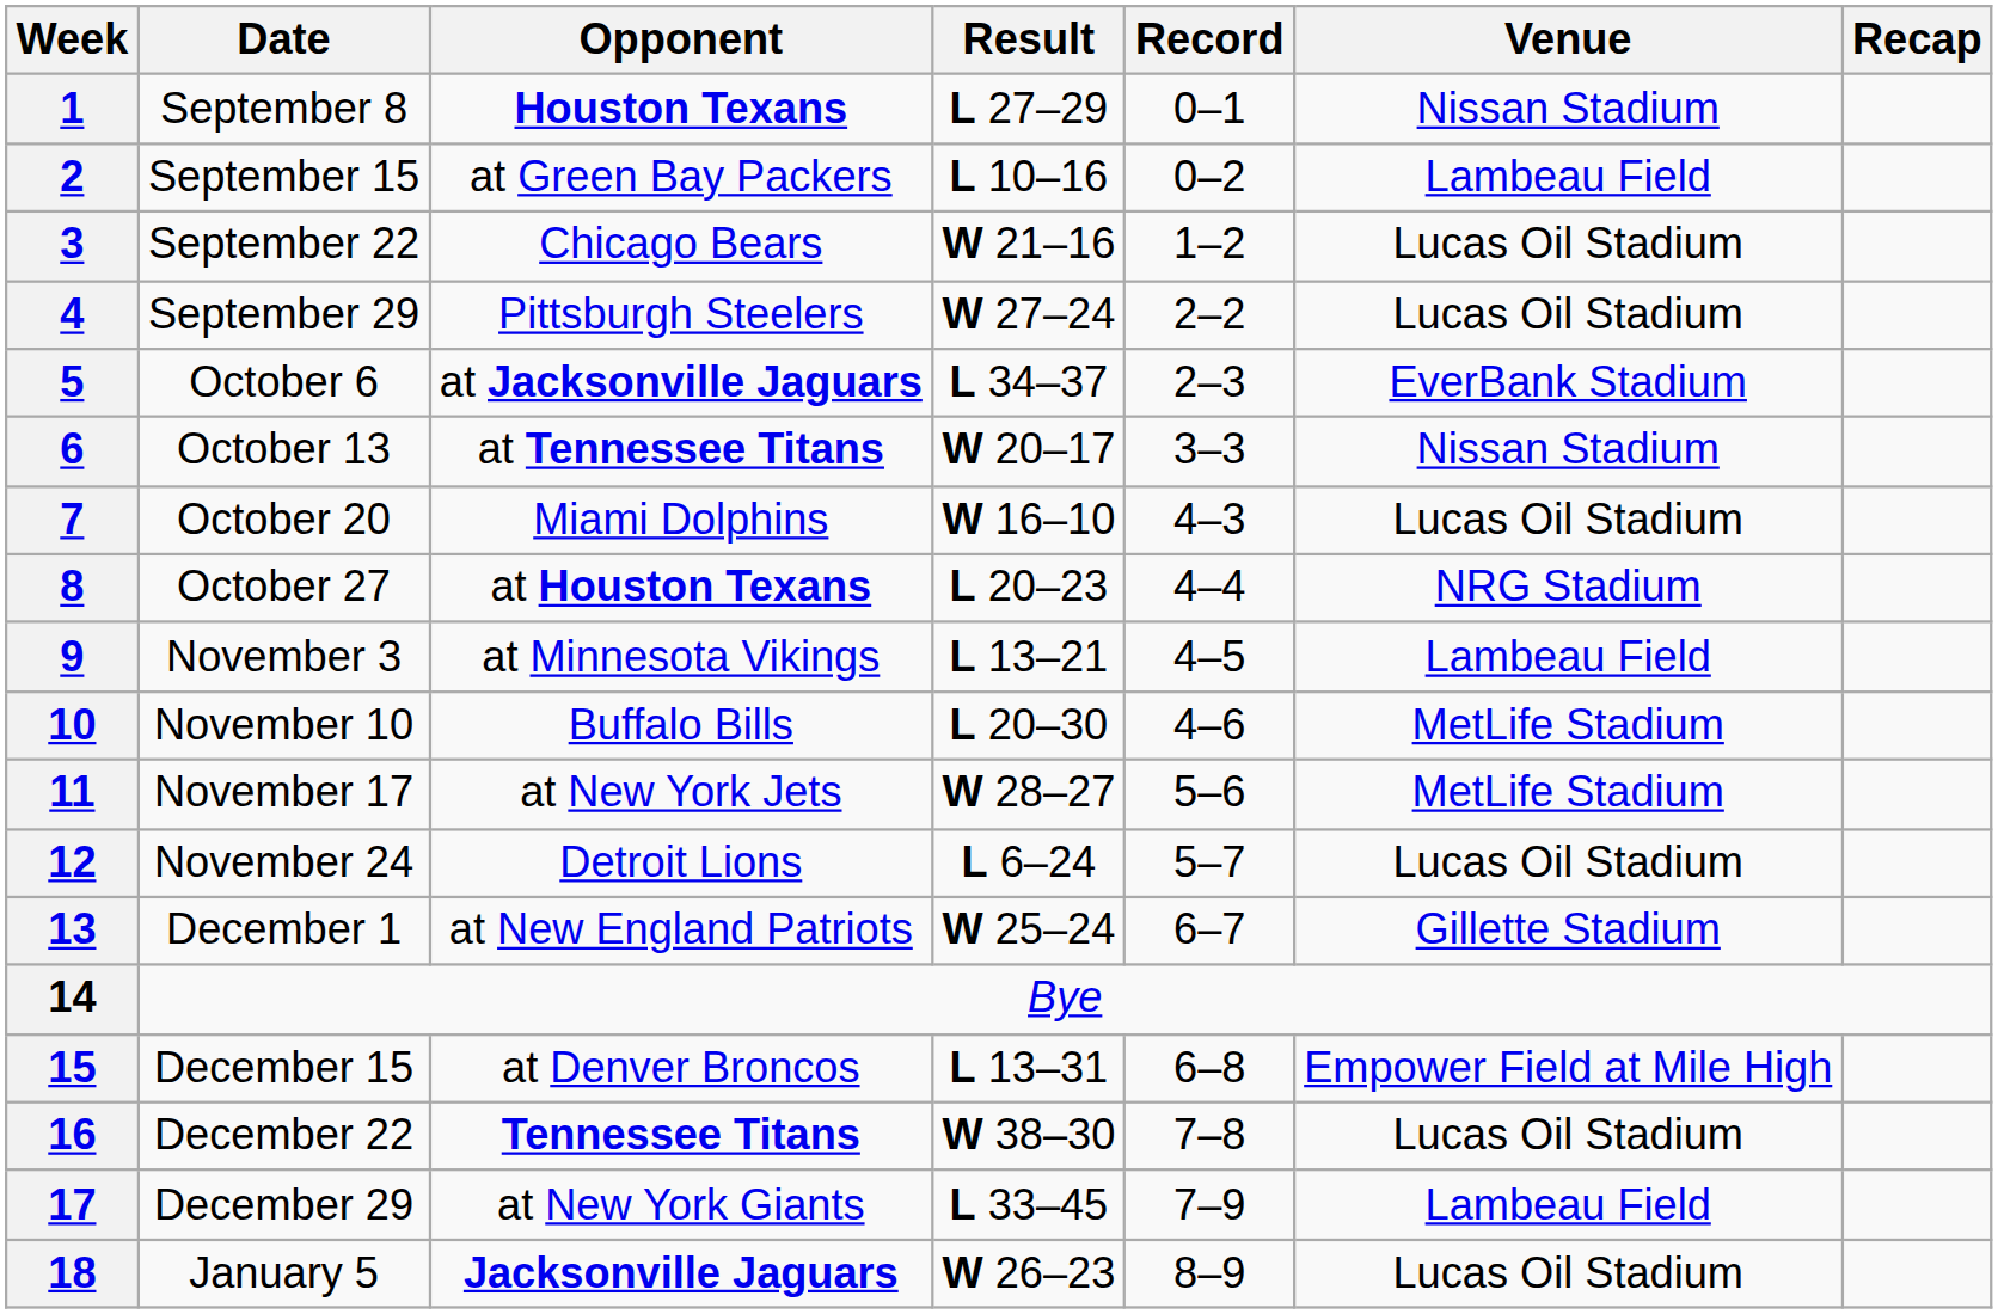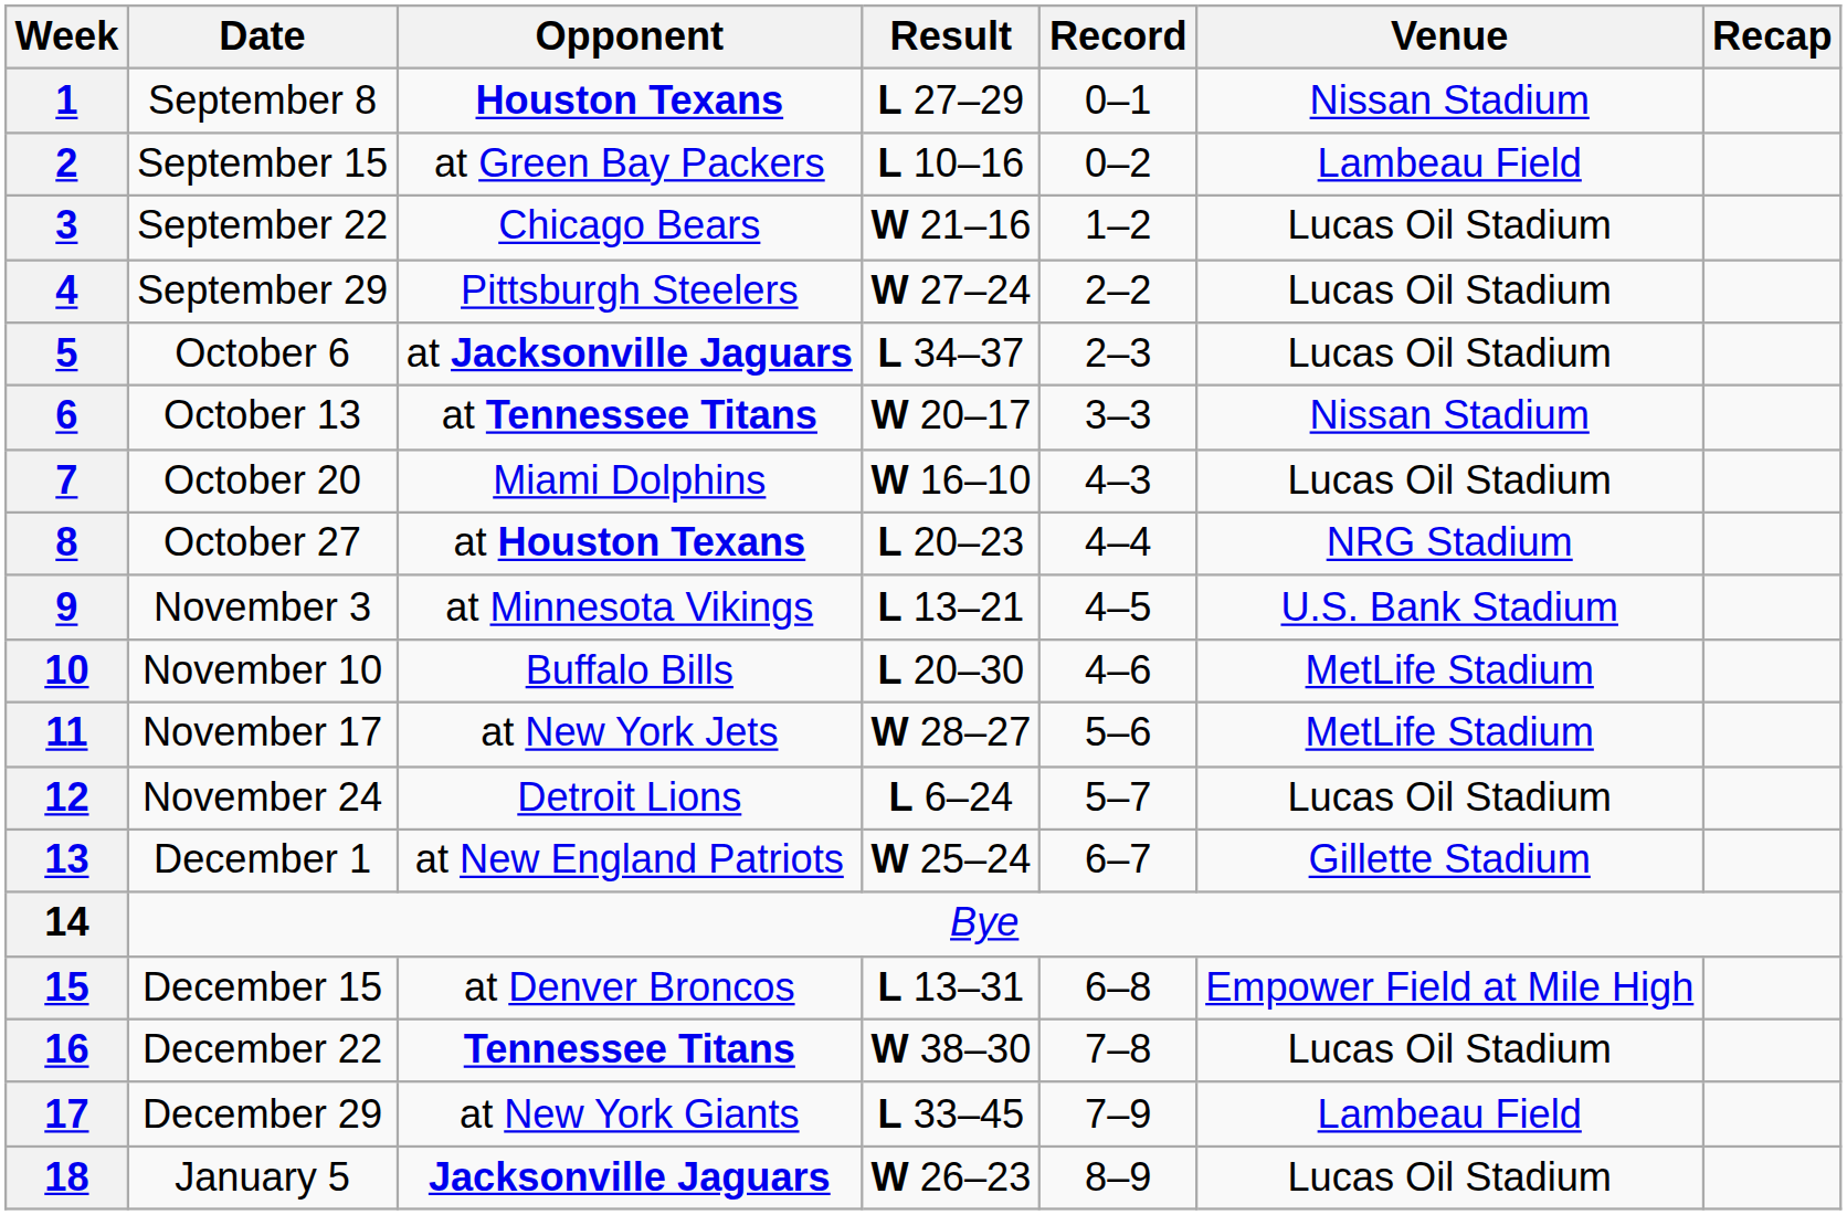 <table class="wikitable" style="text-align:center">
 <tr>
 <th>Week</th>
 <th>Date</th>
 <th>Opponent</th>
 <th>Result</th>
 <th>Record</th>
 <th>Venue</th>
 <th>Recap</th>
 </tr>
 <tr>
 <th><a href='#'>1</a></th>
 <td>September 8</td>
 <td><strong><a href='#'>Houston Texans</a></strong></td>
 <td><strong>L</strong> 27–29</td>
 <td>0–1</td>
 <td><a href='#'>Nissan Stadium</a></td>
 <td></td>
 </tr>
 <tr>
 <th><a href='#'>2</a></th>
 <td>September 15</td>
 <td>at <a href='#'>Green Bay Packers</a></td>
 <td><strong>L</strong> 10–16</td>
 <td>0–2</td>
 <td><a href='#'>Lambeau Field</a></td>
 <td></td>
 </tr>
 <tr>
 <th><a href='#'>3</a></th>
 <td>September 22</td>
 <td><a href='#'>Chicago Bears</a></td>
 <td><strong>W</strong> 21–16</td>
 <td>1–2</td>
 <td>Lucas Oil Stadium</td>
 <td></td>
 </tr>
 <tr>
 <th><a href='#'>4</a></th>
 <td>September 29</td>
 <td><a href='#'>Pittsburgh Steelers</a></td>
 <td><strong>W</strong> 27–24</td>
 <td>2–2</td>
 <td>Lucas Oil Stadium</td>
 <td></td>
 </tr>
 <tr>
 <th><a href='#'>5</a></th>
 <td>October 6</td>
 <td>at <strong><a href='#'>Jacksonville Jaguars</a></strong></td>
 <td><strong>L</strong> 34–37</td>
 <td>2–3</td>
-<td><a href='#'>EverBank Stadium</a></td>
+<td>Lucas Oil Stadium</td>
 <td></td>
 </tr>
 <tr>
 <th><a href='#'>6</a></th>
 <td>October 13</td>
 <td>at <strong><a href='#'>Tennessee Titans</a></strong></td>
 <td><strong>W</strong> 20–17</td>
 <td>3–3</td>
 <td><a href='#'>Nissan Stadium</a></td>
 <td></td>
 </tr>
 <tr>
 <th><a href='#'>7</a></th>
 <td>October 20</td>
 <td><a href='#'>Miami Dolphins</a></td>
 <td><strong>W</strong> 16–10</td>
 <td>4–3</td>
 <td>Lucas Oil Stadium</td>
 <td></td>
 </tr>
 <tr>
 <th><a href='#'>8</a></th>
 <td>October 27</td>
 <td>at <strong><a href='#'>Houston Texans</a></strong></td>
 <td><strong>L</strong> 20–23</td>
 <td>4–4</td>
 <td><a href='#'>NRG Stadium</a></td>
 <td></td>
 </tr>
 <tr>
 <th><a href='#'>9</a></th>
 <td>November 3</td>
 <td>at <a href='#'>Minnesota Vikings</a></td>
 <td><strong>L</strong> 13–21</td>
 <td>4–5</td>
-<td><a href='#'>Lambeau Field</a></td>
+<td><a href='#'>U.S. Bank Stadium</a></td>
 <td></td>
 </tr>
 <tr>
 <th><a href='#'>10</a></th>
 <td>November 10</td>
 <td><a href='#'>Buffalo Bills</a></td>
 <td><strong>L</strong> 20–30</td>
 <td>4–6</td>
 <td><a href='#'>MetLife Stadium</a></td>
 <td></td>
 </tr>
 <tr>
 <th><a href='#'>11</a></th>
 <td>November 17</td>
 <td>at <a href='#'>New York Jets</a></td>
 <td><strong>W</strong> 28–27</td>
 <td>5–6</td>
 <td><a href='#'>MetLife Stadium</a></td>
 <td></td>
 </tr>
 <tr>
 <th><a href='#'>12</a></th>
 <td>November 24</td>
 <td><a href='#'>Detroit Lions</a></td>
 <td><strong>L</strong> 6–24</td>
 <td>5–7</td>
 <td>Lucas Oil Stadium</td>
 <td></td>
 </tr>
 <tr>
 <th><a href='#'>13</a></th>
 <td>December 1</td>
 <td>at <a href='#'>New England Patriots</a></td>
 <td><strong>W</strong> 25–24</td>
 <td>6–7</td>
 <td><a href='#'>Gillette Stadium</a></td>
 <td></td>
 </tr>
 <tr>
 <th>14</th>
 <td colspan="6"><em><a href='#'>Bye</a></em></td>
 </tr>
 <tr>
 <th><a href='#'>15</a></th>
 <td>December 15</td>
 <td>at <a href='#'>Denver Broncos</a></td>
 <td><strong>L</strong> 13–31</td>
 <td>6–8</td>
 <td><a href='#'>Empower Field at Mile High</a></td>
 <td></td>
 </tr>
 <tr>
 <th><a href='#'>16</a></th>
 <td>December 22</td>
 <td><strong><a href='#'>Tennessee Titans</a></strong></td>
 <td><strong>W</strong> 38–30</td>
 <td>7–8</td>
 <td>Lucas Oil Stadium</td>
 <td></td>
 </tr>
 <tr>
 <th><a href='#'>17</a></th>
 <td>December 29</td>
 <td>at <a href='#'>New York Giants</a></td>
 <td><strong>L</strong> 33–45</td>
 <td>7–9</td>
 <td><a href='#'>Lambeau Field</a></td>
 <td></td>
 </tr>
 <tr>
 <th><a href='#'>18</a></th>
 <td>January 5</td>
 <td><strong><a href='#'>Jacksonville Jaguars</a></strong></td>
 <td><strong>W</strong> 26–23 </td>
 <td>8–9</td>
 <td>Lucas Oil Stadium</td>
 <td></td>
 </tr>
 </table>
